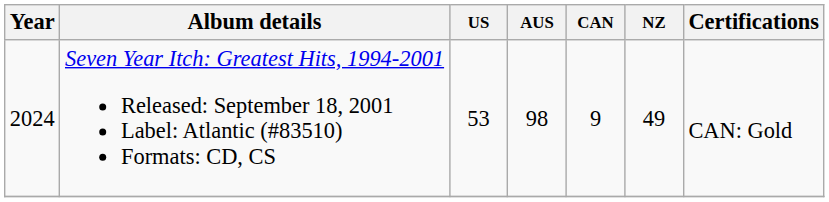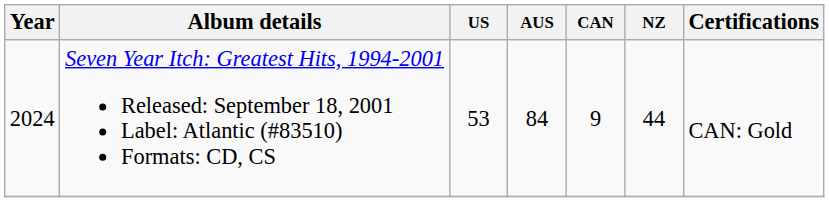 <table class="wikitable">
 <tr>
 <th>Year</th>
 <th>Album details</th>
 <th style="width:3em;font-size:75%">US<br></th>
 <th style="width:3em;font-size:75%">AUS<br></th>
 <th style="width:3em;font-size:75%">CAN<br></th>
 <th style="width:3em;font-size:75%">NZ<br></th>
 <th>Certifications</th>
 </tr>
 <tr>
 <td>2024</td>
 <td align="left"><em><a href='#'>Seven Year Itch: Greatest Hits, 1994-2001</a></em><br><ul><li>Released: September 18, 2001</li><li>Label: Atlantic (#83510)</li><li>Formats: CD, CS</li></ul></td>
 <td align="center">53</td>
-<td align="center">98</td>
+<td align="center">84</td>
 <td align="center">9</td>
-<td align="center">49</td>
+<td align="center">44</td>
 <td><br>CAN: Gold</td>
 </tr>
 <tr>
 </tr>
 </table>
